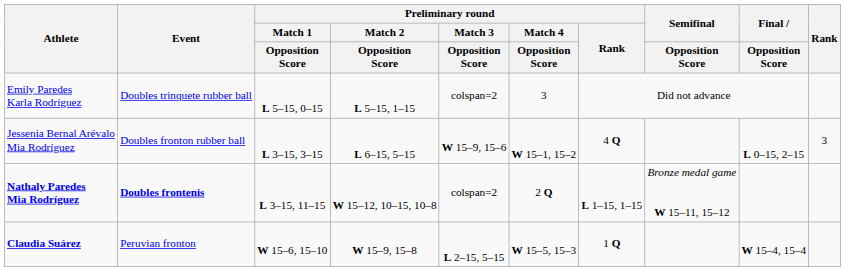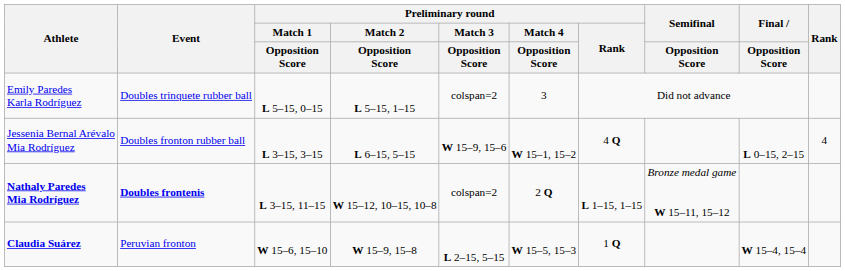 <table class="wikitable" border="1" style="font-size:90%">
 <tr>
 <th rowspan=3>Athlete</th>
 <th rowspan=3>Event</th>
 <th colspan=5>Preliminary round</th>
 <th rowspan=2>Semifinal</th>
 <th rowspan=2>Final / </th>
 <th rowspan=3>Rank</th>
 </tr>
 <tr>
 <th>Match 1</th>
 <th>Match 2</th>
 <th>Match 3</th>
 <th>Match 4</th>
 <th rowspan=2>Rank</th>
 </tr>
 <tr>
 <th>Opposition<br>Score</th>
 <th>Opposition<br>Score</th>
 <th>Opposition<br>Score</th>
 <th>Opposition<br>Score</th>
 <th>Opposition<br>Score</th>
 <th>Opposition<br>Score</th>
 </tr>
 <tr align=center>
 <td style="text-align:left"><a href='#'>Emily Paredes</a><br><a href='#'>Karla Rodríguez</a></td>
 <td style="text-align:left"><a href='#'>Doubles trinquete rubber ball</a></td>
 <td><br><br><strong>L</strong> 5–15, 0–15</td>
 <td><br><br><strong>L</strong> 5–15, 1–15</td>
 <td>colspan=2 </td>
 <td>3</td>
 <td colspan=3>Did not advance</td>
 </tr>
 <tr style="text-align:center">
 <td style="text-align:left"><a href='#'>Jessenia Bernal Arévalo</a><br><a href='#'>Mia Rodríguez</a></td>
 <td style="text-align:left"><a href='#'>Doubles fronton rubber ball</a></td>
 <td><br><br><strong>L</strong> 3–15, 3–15</td>
 <td><br><br><strong>L</strong> 6–15, 5–15</td>
 <td><br><strong>W</strong> 15–9, 15–6</td>
 <td><br><br><strong>W</strong> 15–1, 15–2</td>
 <td>4 <strong>Q</strong></td>
 <td></td>
 <td><br><br><strong>L</strong> 0–15, 2–15</td>
-<td>3</td>
+<td>4</td>
 </tr>
 <tr style="text-align:center">
 <td style="text-align:left"><strong><a href='#'>Nathaly Paredes</a><br><a href='#'>Mia Rodríguez</a></strong></td>
 <td style="text-align:left"><strong><a href='#'>Doubles frontenis</a></strong></td>
 <td><br><br><strong>L</strong> 3–15, 11–15</td>
 <td><br><br><strong>W</strong> 15–12, 10–15, 10–8</td>
 <td>colspan=2 </td>
 <td>2 <strong>Q</strong></td>
 <td><br><br><strong>L</strong> 1–15, 1–15</td>
 <td><em>Bronze medal game</em><br><br><br><strong>W</strong> 15–11, 15–12</td>
 <td></td>
 </tr>
 <tr style="text-align:center">
 <td style="text-align:left"><strong><a href='#'>Claudia Suárez</a></strong></td>
 <td style="text-align:left"><a href='#'>Peruvian fronton</a></td>
 <td><br><strong>W</strong> 15–6, 15–10</td>
 <td><br><strong>W</strong> 15–9, 15–8</td>
 <td><br><br><strong>L</strong> 2–15, 5–15</td>
 <td><br><strong>W</strong> 15–5, 15–3</td>
 <td>1 <strong>Q</strong></td>
 <td></td>
 <td><br><strong>W</strong> 15–4, 15–4</td>
 <td></td>
 </tr>
 </table>
